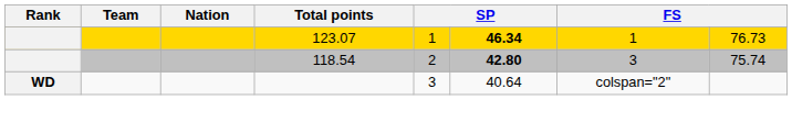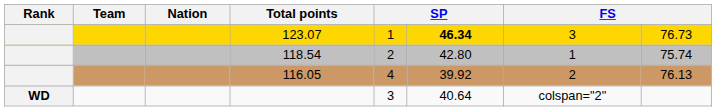 <table class="wikitable sortable" style="text-align:center;" width="70%">
 <tr>
 <th scope="col">Rank</th>
 <th scope="col">Team</th>
 <th scope="col">Nation</th>
 <th scope="col">Total points</th>
 <th scope="col" colspan="2" width="80px"><a href='#'>SP</a></th>
 <th scope="col" colspan="2" width="80px"><a href='#'>FS</a></th>
 </tr>
 <tr bgcolor="gold">
 <th scope="row"></th>
 <td align="left"></td>
 <td align="left"></td>
 <td>123.07</td>
 <td>1</td>
 <td><strong>46.34</strong></td>
-<td>1</td>
+<td>3</td>
 <td>76.73</td>
 </tr>
 <tr bgcolor="silver">
 <th scope="row"></th>
 <td align="left"></td>
 <td align="left"></td>
 <td>118.54</td>
 <td>2</td>
-<td><strong>42.80</strong></td>
-<td>3</td>
+<td>42.80</td>
+<td>1</td>
 <td>75.74</td>
+</tr>
+<tr bgcolor="cc9966">
+<th scope="row"></th>
+<td align="left"></td>
+<td align="left"></td>
+<td>116.05</td>
+<td>4</td>
+<td>39.92</td>
+<td>2</td>
+<td>76.13</td>
 </tr>
 <tr>
 <th scope="row">WD</th>
 <td align="left"></td>
 <td align="left"></td>
 <td></td>
 <td>3</td>
 <td>40.64</td>
 <td>colspan="2" </td>
 </tr>
 </table>
